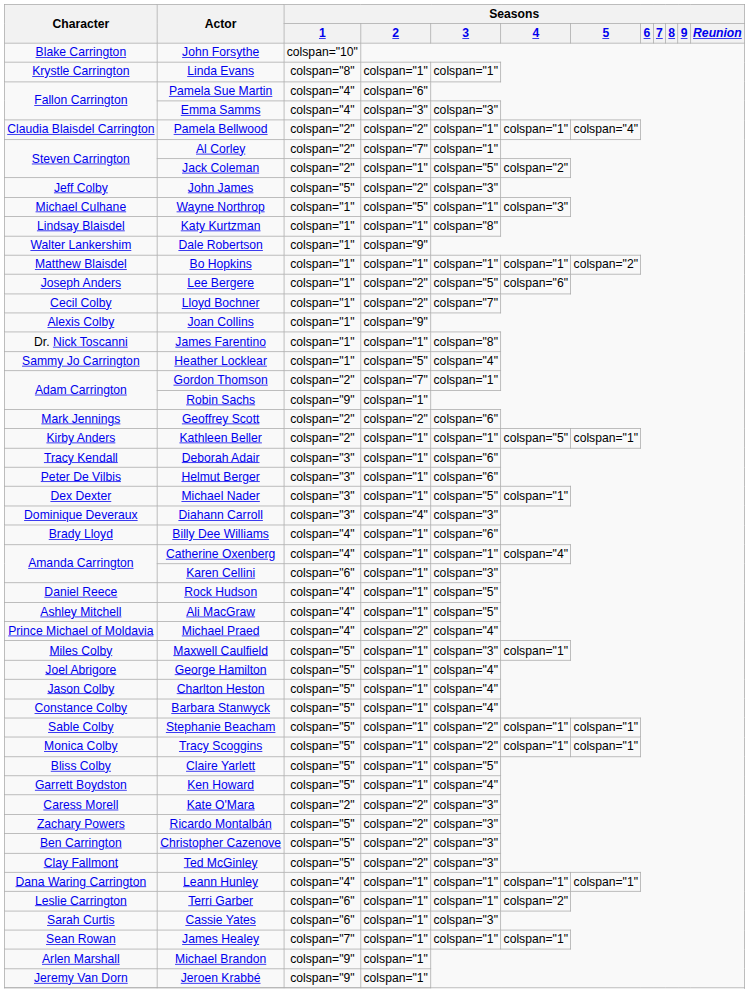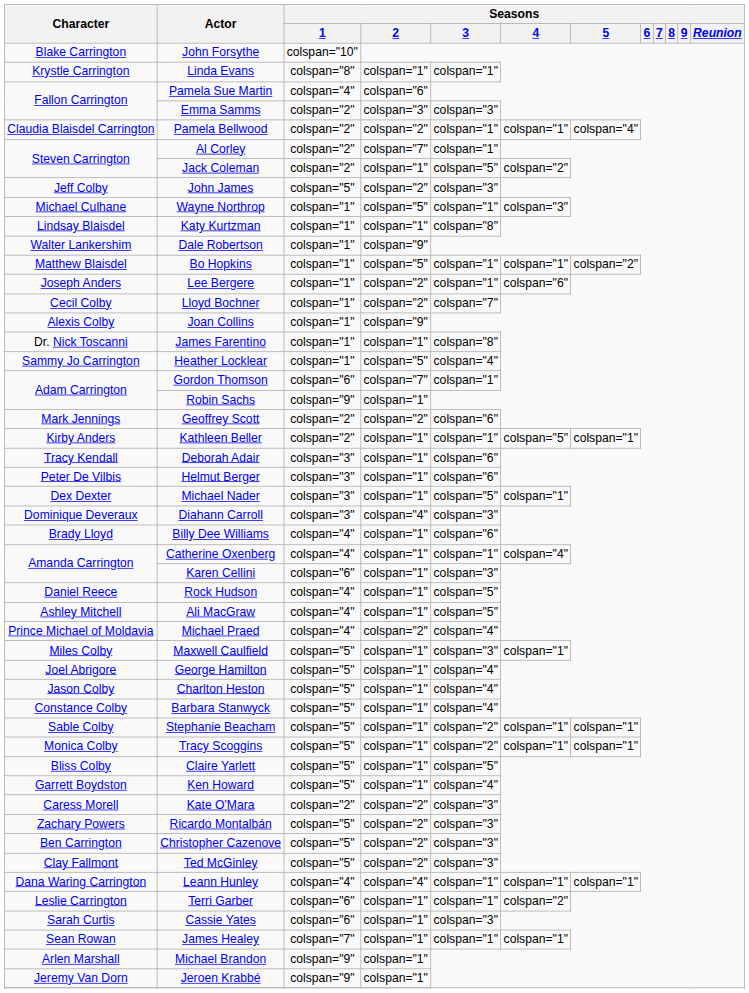 <table class="wikitable sortable" style="text-align:center">
 <tr>
 <th rowspan="2">Character</th>
 <th rowspan="2">Actor</th>
 <th colspan="10">Seasons</th>
 </tr>
 <tr>
 <th><a href='#'>1</a></th>
 <th><a href='#'>2</a></th>
 <th><a href='#'>3</a></th>
 <th><a href='#'>4</a></th>
 <th><a href='#'>5</a></th>
 <th><a href='#'>6</a></th>
 <th><a href='#'>7</a></th>
 <th><a href='#'>8</a></th>
 <th><a href='#'>9</a></th>
 <th><a href='#'><em>Reunion</em></a></th>
 </tr>
 <tr>
 <td><a href='#'>Blake Carrington</a></td>
 <td><a href='#'>John Forsythe</a></td>
 <td>colspan="10" </td>
 </tr>
 <tr>
 <td><a href='#'>Krystle Carrington</a></td>
 <td><a href='#'>Linda Evans</a></td>
 <td>colspan="8"</td>
 <td>colspan="1" </td>
 <td>colspan="1" </td>
 </tr>
 <tr>
 <td rowspan="2"><a href='#'>Fallon Carrington</a></td>
 <td><a href='#'>Pamela Sue Martin</a></td>
 <td>colspan="4" </td>
 <td>colspan="6" </td>
 </tr>
 <tr>
 <td><a href='#'>Emma Samms</a></td>
-<td>colspan="4" </td>
+<td>colspan="2" </td>
 <td>colspan="3" </td>
 <td>colspan="3" </td>
 </tr>
 <tr>
 <td><a href='#'>Claudia Blaisdel Carrington</a></td>
 <td><a href='#'>Pamela Bellwood</a></td>
 <td>colspan="2" </td>
 <td>colspan="2" </td>
 <td>colspan="1" </td>
 <td>colspan="1" </td>
 <td>colspan="4" </td>
 </tr>
 <tr>
 <td rowspan="2"><a href='#'>Steven Carrington</a></td>
 <td><a href='#'>Al Corley</a></td>
 <td>colspan="2" </td>
 <td>colspan="7" </td>
 <td>colspan="1" </td>
 </tr>
 <tr>
 <td><a href='#'>Jack Coleman</a></td>
 <td>colspan="2" </td>
 <td>colspan="1" </td>
 <td>colspan="5" </td>
 <td>colspan="2" </td>
 </tr>
 <tr>
 <td><a href='#'>Jeff Colby</a></td>
 <td><a href='#'>John James</a></td>
 <td>colspan="5" </td>
 <td>colspan="2" </td>
 <td>colspan="3" </td>
 </tr>
 <tr>
 <td><a href='#'>Michael Culhane</a></td>
 <td><a href='#'>Wayne Northrop</a></td>
 <td>colspan="1" </td>
 <td>colspan="5" </td>
 <td>colspan="1" </td>
 <td>colspan="3" </td>
 </tr>
 <tr>
 <td><a href='#'>Lindsay Blaisdel</a></td>
 <td><a href='#'>Katy Kurtzman</a></td>
 <td>colspan="1" </td>
 <td>colspan="1" </td>
 <td>colspan="8" </td>
 </tr>
 <tr>
 <td><a href='#'>Walter Lankershim</a></td>
 <td><a href='#'>Dale Robertson</a></td>
 <td>colspan="1" </td>
 <td>colspan="9" </td>
 </tr>
 <tr>
 <td><a href='#'>Matthew Blaisdel</a></td>
 <td><a href='#'>Bo Hopkins</a></td>
 <td>colspan="1" </td>
-<td>colspan="1" </td>
+<td>colspan="5" </td>
 <td>colspan="1" </td>
 <td>colspan="1" </td>
 <td>colspan="2" </td>
 </tr>
 <tr>
 <td><a href='#'>Joseph Anders</a></td>
 <td><a href='#'>Lee Bergere</a></td>
 <td>colspan="1" </td>
 <td>colspan="2" </td>
-<td>colspan="5" </td>
+<td>colspan="1" </td>
 <td>colspan="6" </td>
 </tr>
 <tr>
 <td><a href='#'>Cecil Colby</a></td>
 <td><a href='#'>Lloyd Bochner</a></td>
 <td>colspan="1" </td>
 <td>colspan="2" </td>
 <td>colspan="7" </td>
 </tr>
 <tr>
 <td><a href='#'>Alexis Colby</a></td>
 <td><a href='#'>Joan Collins</a></td>
 <td>colspan="1" </td>
 <td>colspan="9" </td>
 </tr>
 <tr>
 <td>Dr. <a href='#'>Nick Toscanni</a></td>
 <td><a href='#'>James Farentino</a></td>
 <td>colspan="1" </td>
 <td>colspan="1" </td>
 <td>colspan="8" </td>
 </tr>
 <tr>
 <td><a href='#'>Sammy Jo Carrington</a></td>
 <td><a href='#'>Heather Locklear</a></td>
 <td>colspan="1" </td>
 <td>colspan="5" </td>
 <td>colspan="4" </td>
 </tr>
 <tr>
 <td rowspan="2"><a href='#'>Adam Carrington</a></td>
 <td><a href='#'>Gordon Thomson</a></td>
-<td>colspan="2" </td>
+<td>colspan="6" </td>
 <td>colspan="7" </td>
 <td>colspan="1" </td>
 </tr>
 <tr>
 <td><a href='#'>Robin Sachs</a></td>
 <td>colspan="9" </td>
 <td>colspan="1" </td>
 </tr>
 <tr>
 <td><a href='#'>Mark Jennings</a></td>
 <td><a href='#'>Geoffrey Scott</a></td>
 <td>colspan="2" </td>
 <td>colspan="2" </td>
 <td>colspan="6" </td>
 </tr>
 <tr>
 <td><a href='#'>Kirby Anders</a></td>
 <td><a href='#'>Kathleen Beller</a></td>
 <td>colspan="2" </td>
 <td>colspan="1" </td>
 <td>colspan="1" </td>
 <td>colspan="5" </td>
 <td>colspan="1" </td>
 </tr>
 <tr>
 <td><a href='#'>Tracy Kendall</a></td>
 <td><a href='#'>Deborah Adair</a></td>
 <td>colspan="3" </td>
 <td>colspan="1" </td>
 <td>colspan="6" </td>
 </tr>
 <tr>
 <td><a href='#'>Peter De Vilbis</a></td>
 <td><a href='#'>Helmut Berger</a></td>
 <td>colspan="3" </td>
 <td>colspan="1" </td>
 <td>colspan="6" </td>
 </tr>
 <tr>
 <td><a href='#'>Dex Dexter</a></td>
 <td><a href='#'>Michael Nader</a></td>
 <td>colspan="3" </td>
 <td>colspan="1" </td>
 <td>colspan="5" </td>
 <td>colspan="1" </td>
 </tr>
 <tr>
 <td><a href='#'>Dominique Deveraux</a></td>
 <td><a href='#'>Diahann Carroll</a></td>
 <td>colspan="3" </td>
 <td>colspan="4" </td>
 <td>colspan="3" </td>
 </tr>
 <tr>
 <td><a href='#'>Brady Lloyd</a></td>
 <td><a href='#'>Billy Dee Williams</a></td>
 <td>colspan="4" </td>
 <td>colspan="1" </td>
 <td>colspan="6" </td>
 </tr>
 <tr>
 <td rowspan="2"><a href='#'>Amanda Carrington</a></td>
 <td><a href='#'>Catherine Oxenberg</a></td>
 <td>colspan="4" </td>
 <td>colspan="1" </td>
 <td>colspan="1" </td>
 <td>colspan="4" </td>
 </tr>
 <tr>
 <td><a href='#'>Karen Cellini</a></td>
 <td>colspan="6" </td>
 <td>colspan="1" </td>
 <td>colspan="3" </td>
 </tr>
 <tr>
 <td><a href='#'>Daniel Reece</a></td>
 <td><a href='#'>Rock Hudson</a></td>
 <td>colspan="4" </td>
 <td>colspan="1" </td>
 <td>colspan="5" </td>
 </tr>
 <tr>
 <td><a href='#'>Ashley Mitchell</a></td>
 <td><a href='#'>Ali MacGraw</a></td>
 <td>colspan="4" </td>
 <td>colspan="1" </td>
 <td>colspan="5" </td>
 </tr>
 <tr>
 <td><a href='#'>Prince Michael of Moldavia</a></td>
 <td><a href='#'>Michael Praed</a></td>
 <td>colspan="4" </td>
 <td>colspan="2" </td>
 <td>colspan="4" </td>
 </tr>
 <tr>
 <td><a href='#'>Miles Colby</a></td>
 <td><a href='#'>Maxwell Caulfield</a></td>
 <td>colspan="5" </td>
 <td>colspan="1" </td>
 <td>colspan="3" </td>
 <td>colspan="1" </td>
 </tr>
 <tr>
 <td><a href='#'>Joel Abrigore</a></td>
 <td><a href='#'>George Hamilton</a></td>
 <td>colspan="5" </td>
 <td>colspan="1" </td>
 <td>colspan="4" </td>
 </tr>
 <tr>
 <td><a href='#'>Jason Colby</a></td>
 <td><a href='#'>Charlton Heston</a></td>
 <td>colspan="5" </td>
 <td>colspan="1" </td>
 <td>colspan="4" </td>
 </tr>
 <tr>
 <td><a href='#'>Constance Colby</a></td>
 <td><a href='#'>Barbara Stanwyck</a></td>
 <td>colspan="5" </td>
 <td>colspan="1" </td>
 <td>colspan="4" </td>
 </tr>
 <tr>
 <td><a href='#'>Sable Colby</a></td>
 <td><a href='#'>Stephanie Beacham</a></td>
 <td>colspan="5" </td>
 <td>colspan="1" </td>
 <td>colspan="2" </td>
 <td>colspan="1" </td>
 <td>colspan="1" </td>
 </tr>
 <tr>
 <td><a href='#'>Monica Colby</a></td>
 <td><a href='#'>Tracy Scoggins</a></td>
 <td>colspan="5" </td>
 <td>colspan="1" </td>
 <td>colspan="2" </td>
 <td>colspan="1" </td>
 <td>colspan="1" </td>
 </tr>
 <tr>
 <td><a href='#'>Bliss Colby</a></td>
 <td><a href='#'>Claire Yarlett</a></td>
 <td>colspan="5" </td>
 <td>colspan="1" </td>
 <td>colspan="5" </td>
 </tr>
 <tr>
 <td><a href='#'>Garrett Boydston</a></td>
 <td><a href='#'>Ken Howard</a></td>
 <td>colspan="5" </td>
 <td>colspan="1" </td>
 <td>colspan="4" </td>
 </tr>
 <tr>
 <td><a href='#'>Caress Morell</a></td>
 <td><a href='#'>Kate O'Mara</a></td>
 <td>colspan="2" </td>
 <td>colspan="2" </td>
 <td>colspan="3" </td>
 </tr>
 <tr>
 <td><a href='#'>Zachary Powers</a></td>
 <td><a href='#'>Ricardo Montalbán</a></td>
 <td>colspan="5" </td>
 <td>colspan="2" </td>
 <td>colspan="3" </td>
 </tr>
 <tr>
 <td><a href='#'>Ben Carrington</a></td>
 <td><a href='#'>Christopher Cazenove</a></td>
 <td>colspan="5" </td>
 <td>colspan="2" </td>
 <td>colspan="3" </td>
 </tr>
 <tr>
 <td><a href='#'>Clay Fallmont</a></td>
 <td><a href='#'>Ted McGinley</a></td>
 <td>colspan="5" </td>
 <td>colspan="2" </td>
 <td>colspan="3" </td>
 </tr>
 <tr>
 <td><a href='#'>Dana Waring Carrington</a></td>
 <td><a href='#'>Leann Hunley</a></td>
 <td>colspan="4" </td>
-<td>colspan="1" </td>
+<td>colspan="4" </td>
 <td>colspan="1" </td>
 <td>colspan="1" </td>
 <td>colspan="1" </td>
 </tr>
 <tr>
 <td><a href='#'>Leslie Carrington</a></td>
 <td><a href='#'>Terri Garber</a></td>
 <td>colspan="6" </td>
 <td>colspan="1" </td>
 <td>colspan="1" </td>
 <td>colspan="2" </td>
 </tr>
 <tr>
 <td><a href='#'>Sarah Curtis</a></td>
 <td><a href='#'>Cassie Yates</a></td>
 <td>colspan="6" </td>
 <td>colspan="1" </td>
 <td>colspan="3" </td>
 </tr>
 <tr>
 <td><a href='#'>Sean Rowan</a></td>
 <td><a href='#'>James Healey</a></td>
 <td>colspan="7" </td>
 <td>colspan="1" </td>
 <td>colspan="1" </td>
 <td>colspan="1" </td>
 </tr>
 <tr>
 <td><a href='#'>Arlen Marshall</a></td>
 <td><a href='#'>Michael Brandon</a></td>
 <td>colspan="9" </td>
 <td>colspan="1" </td>
 </tr>
 <tr>
 <td><a href='#'>Jeremy Van Dorn</a></td>
 <td><a href='#'>Jeroen Krabbé</a></td>
 <td>colspan="9" </td>
 <td>colspan="1" </td>
 </tr>
 <tr>
 </tr>
 </table>
